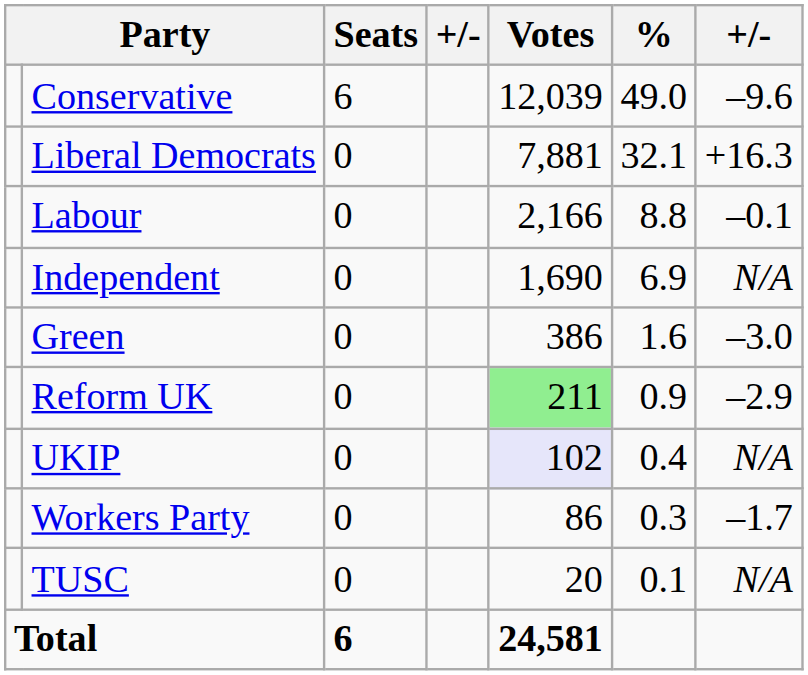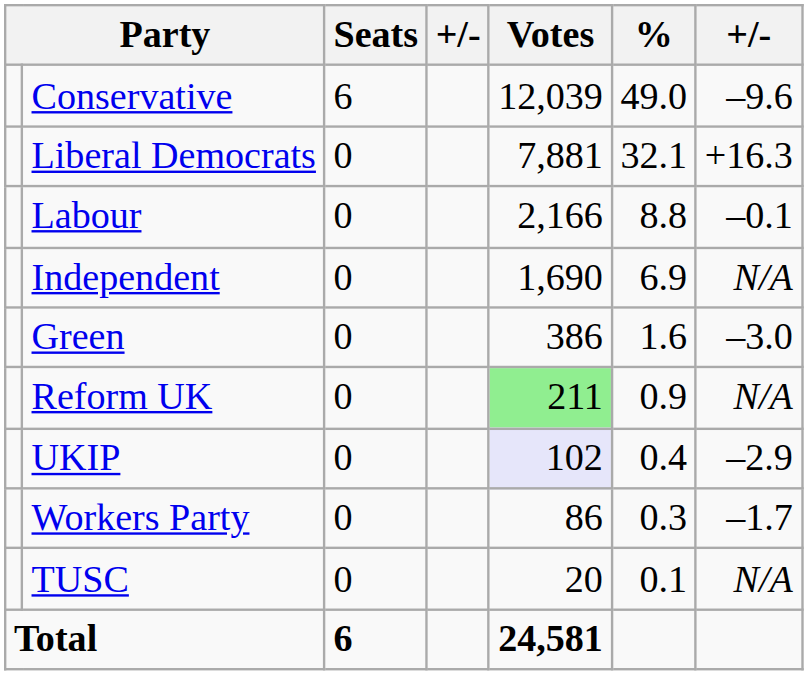 <table class="wikitable sortable">
 <tr>
 <th colspan="2">Party</th>
 <th>Seats</th>
 <th>+/-</th>
 <th>Votes</th>
 <th>%</th>
 <th>+/-</th>
 </tr>
 <tr>
 <td style="background-color: "></td>
 <td><a href='#'>Conservative</a></td>
 <td>6</td>
 <td></td>
 <td style="text-align:right;">12,039</td>
 <td style="text-align:right;">49.0</td>
 <td style="text-align:right;">–9.6</td>
 </tr>
 <tr>
 <td style="background-color: "></td>
 <td><a href='#'>Liberal Democrats</a></td>
 <td>0</td>
 <td></td>
 <td style="text-align:right;">7,881</td>
 <td style="text-align:right;">32.1</td>
 <td style="text-align:right;">+16.3</td>
 </tr>
 <tr>
 <td style="background-color: "></td>
 <td><a href='#'>Labour</a></td>
 <td>0</td>
 <td></td>
 <td style="text-align:right;">2,166</td>
 <td style="text-align:right;">8.8</td>
 <td style="text-align:right;">–0.1</td>
 </tr>
 <tr>
 <td style="background-color: "></td>
 <td><a href='#'>Independent</a></td>
 <td>0</td>
 <td></td>
 <td style="text-align:right;">1,690</td>
 <td style="text-align:right;">6.9</td>
 <td style="text-align:right;"><em>N/A</em></td>
 </tr>
 <tr>
 <td style="background-color: "></td>
 <td><a href='#'>Green</a></td>
 <td>0</td>
 <td></td>
 <td style="text-align:right;">386</td>
 <td style="text-align:right;">1.6</td>
 <td style="text-align:right;">–3.0</td>
 </tr>
 <tr>
 <td style="background-color: "></td>
 <td><a href='#'>Reform UK</a></td>
 <td>0</td>
 <td></td>
 <td style="background: lightgreen; text-align:right;">211</td>
 <td style="text-align:right;">0.9</td>
-<td style="text-align:right;">–2.9</td>
+<td style="text-align:right;"><em>N/A</em></td>
 </tr>
 <tr>
 <td style="background-color: "></td>
 <td><a href='#'>UKIP</a></td>
 <td>0</td>
 <td></td>
 <td style="background: lavender; text-align:right;">102</td>
 <td style="text-align:right;">0.4</td>
-<td style="text-align:right;"><em>N/A</em></td>
+<td style="text-align:right;">–2.9</td>
 </tr>
 <tr>
 <td style="background-color: "></td>
 <td><a href='#'>Workers Party</a></td>
 <td>0</td>
 <td></td>
 <td style="text-align:right;">86</td>
 <td style="text-align:right;">0.3</td>
 <td style="text-align:right;">–1.7</td>
 </tr>
 <tr>
 <td style="background-color: "></td>
 <td><a href='#'>TUSC</a></td>
 <td>0</td>
 <td></td>
 <td style="text-align:right;">20</td>
 <td style="text-align:right;">0.1</td>
 <td style="text-align:right;"><em>N/A</em></td>
 </tr>
 <tr>
 <td colspan="2"><strong>Total</strong></td>
 <td><strong>6</strong></td>
 <td></td>
 <td style="text-align:right;"><strong>24,581</strong></td>
 <td style="text-align:right;"></td>
 <td style="text-align:right;"></td>
 </tr>
 </table>
